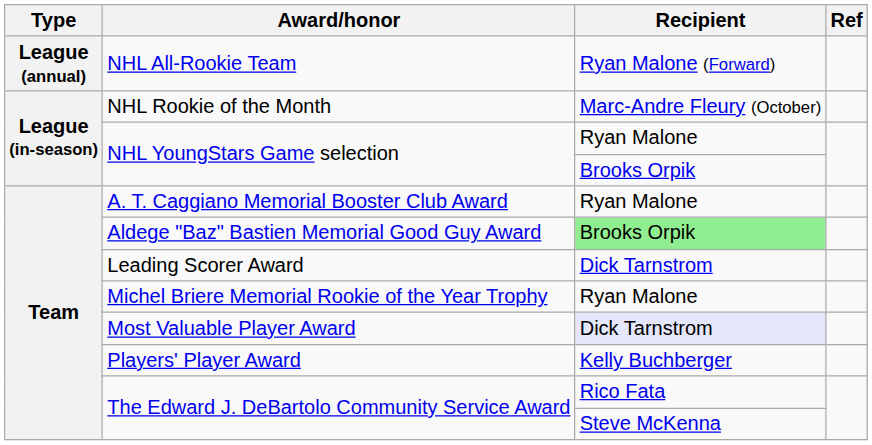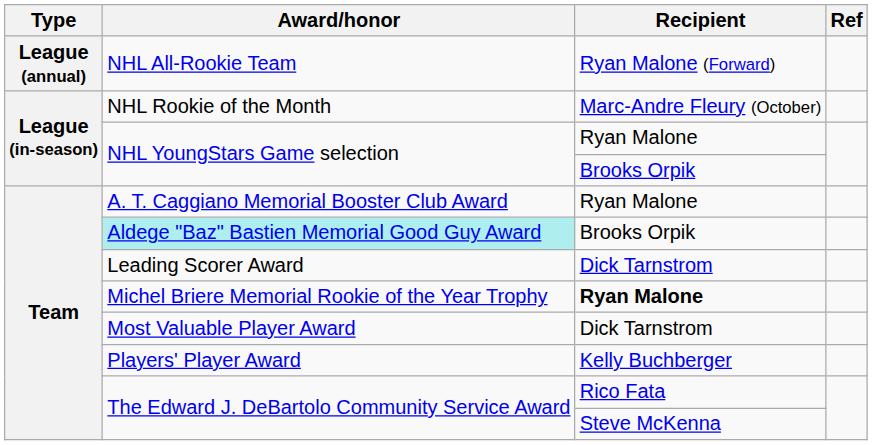 <table class="wikitable">
 <tr>
 <th scope="col">Type</th>
 <th scope="col">Award/honor</th>
 <th scope="col">Recipient</th>
 <th scope="col">Ref</th>
 </tr>
 <tr>
 <th scope="row">League<br><small>(annual)</small></th>
 <td><a href='#'>NHL All-Rookie Team</a></td>
 <td><a href='#'>Ryan Malone</a> <small>(<a href='#'>Forward</a>)</small></td>
 <td></td>
 </tr>
 <tr>
 <th scope="row" rowspan="3">League<br><small>(in-season)</small></th>
 <td>NHL Rookie of the Month</td>
 <td><a href='#'>Marc-Andre Fleury</a> <small>(October)</small></td>
 <td></td>
 </tr>
 <tr>
 <td rowspan="2"><a href='#'>NHL YoungStars Game</a> selection</td>
 <td>Ryan Malone</td>
 <td rowspan="2"></td>
 </tr>
 <tr>
 <td><a href='#'>Brooks Orpik</a></td>
 </tr>
 <tr>
 <th scope="row" rowspan="8">Team</th>
 <td><a href='#'>A. T. Caggiano Memorial Booster Club Award</a></td>
 <td>Ryan Malone</td>
 <td></td>
 </tr>
 <tr>
-<td><a href='#'>Aldege "Baz" Bastien Memorial Good Guy Award</a></td>
-<td style="background: lightgreen;">Brooks Orpik</td>
+<td style="background: paleturquoise;"><a href='#'>Aldege "Baz" Bastien Memorial Good Guy Award</a></td>
+<td>Brooks Orpik</td>
 <td></td>
 </tr>
 <tr>
 <td>Leading Scorer Award</td>
 <td><a href='#'>Dick Tarnstrom</a></td>
 <td></td>
 </tr>
 <tr>
 <td><a href='#'>Michel Briere Memorial Rookie of the Year Trophy</a></td>
-<td>Ryan Malone</td>
+<td><strong>Ryan Malone</strong></td>
 <td></td>
 </tr>
 <tr>
 <td><a href='#'>Most Valuable Player Award</a></td>
-<td style="background: lavender;">Dick Tarnstrom</td>
+<td>Dick Tarnstrom</td>
 <td></td>
 </tr>
 <tr>
 <td><a href='#'>Players' Player Award</a></td>
 <td><a href='#'>Kelly Buchberger</a></td>
 <td></td>
 </tr>
 <tr>
 <td rowspan="2"><a href='#'>The Edward J. DeBartolo Community Service Award</a></td>
 <td><a href='#'>Rico Fata</a></td>
 <td rowspan="2"></td>
 </tr>
 <tr>
 <td><a href='#'>Steve McKenna</a></td>
 </tr>
 </table>
